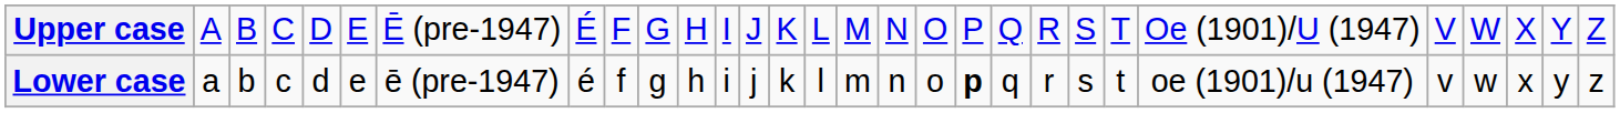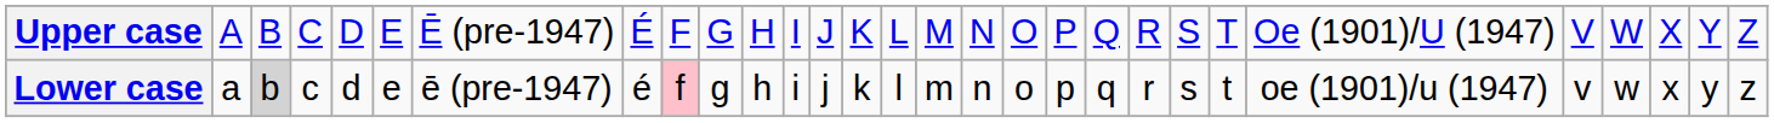 <table class="wikitable">
 <tr style="text-align:center;">
 <th><a href='#'>Upper case</a></th>
 <td><a href='#'>A</a></td>
 <td><a href='#'>B</a></td>
 <td><a href='#'>C</a></td>
 <td><a href='#'>D</a></td>
 <td><a href='#'>E</a></td>
 <td><a href='#'>Ē</a> (pre-1947)</td>
 <td><a href='#'>É</a></td>
 <td><a href='#'>F</a></td>
 <td><a href='#'>G</a></td>
 <td><a href='#'>H</a></td>
 <td><a href='#'>I</a></td>
 <td><a href='#'>J</a></td>
 <td><a href='#'>K</a></td>
 <td><a href='#'>L</a></td>
 <td><a href='#'>M</a></td>
 <td><a href='#'>N</a></td>
 <td><a href='#'>O</a></td>
 <td><a href='#'>P</a></td>
 <td><a href='#'>Q</a></td>
 <td><a href='#'>R</a></td>
 <td><a href='#'>S</a></td>
 <td><a href='#'>T</a></td>
 <td><a href='#'>Oe</a> (1901)/<a href='#'>U</a> (1947)</td>
 <td><a href='#'>V</a></td>
 <td><a href='#'>W</a></td>
 <td><a href='#'>X</a></td>
 <td><a href='#'>Y</a></td>
 <td><a href='#'>Z</a></td>
 </tr>
 <tr style="text-align:center;">
 <th><a href='#'>Lower case</a></th>
 <td>a</td>
-<td>b</td>
+<td style="background: lightgrey;">b</td>
 <td>c</td>
 <td>d</td>
 <td>e</td>
 <td>ē (pre-1947)</td>
 <td>é</td>
-<td>f</td>
+<td style="background: pink;">f</td>
 <td>g</td>
 <td>h</td>
 <td>i</td>
 <td>j</td>
 <td>k</td>
 <td>l</td>
 <td>m</td>
 <td>n</td>
 <td>o</td>
-<td><strong>p</strong></td>
+<td>p</td>
 <td>q</td>
 <td>r</td>
 <td>s</td>
 <td>t</td>
 <td>oe (1901)/u (1947)</td>
 <td>v</td>
 <td>w</td>
 <td>x</td>
 <td>y</td>
 <td>z</td>
 </tr>
 </table>
